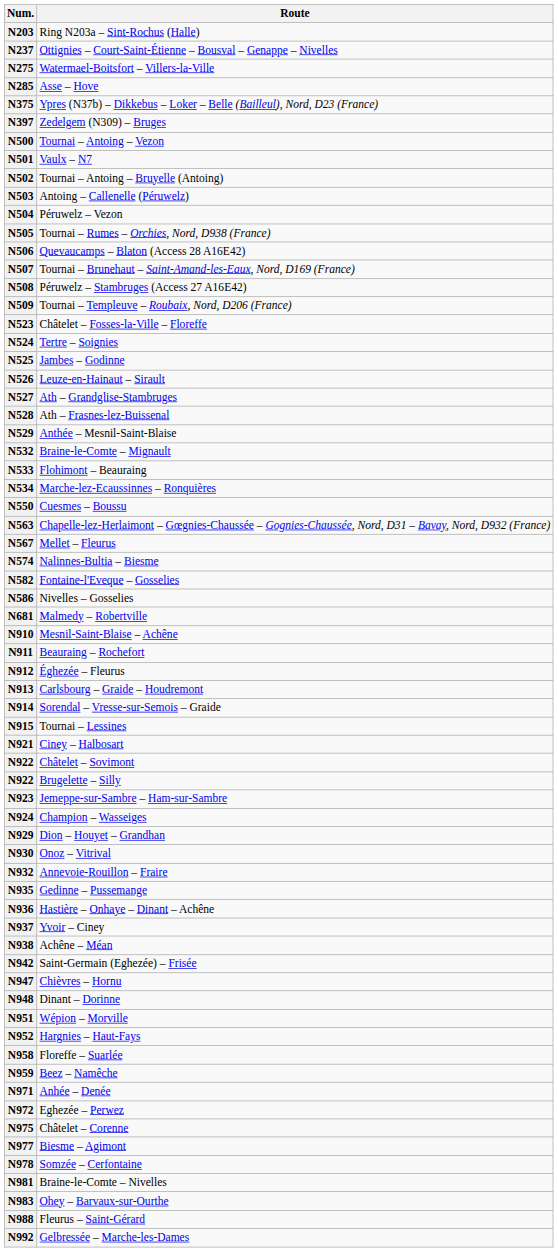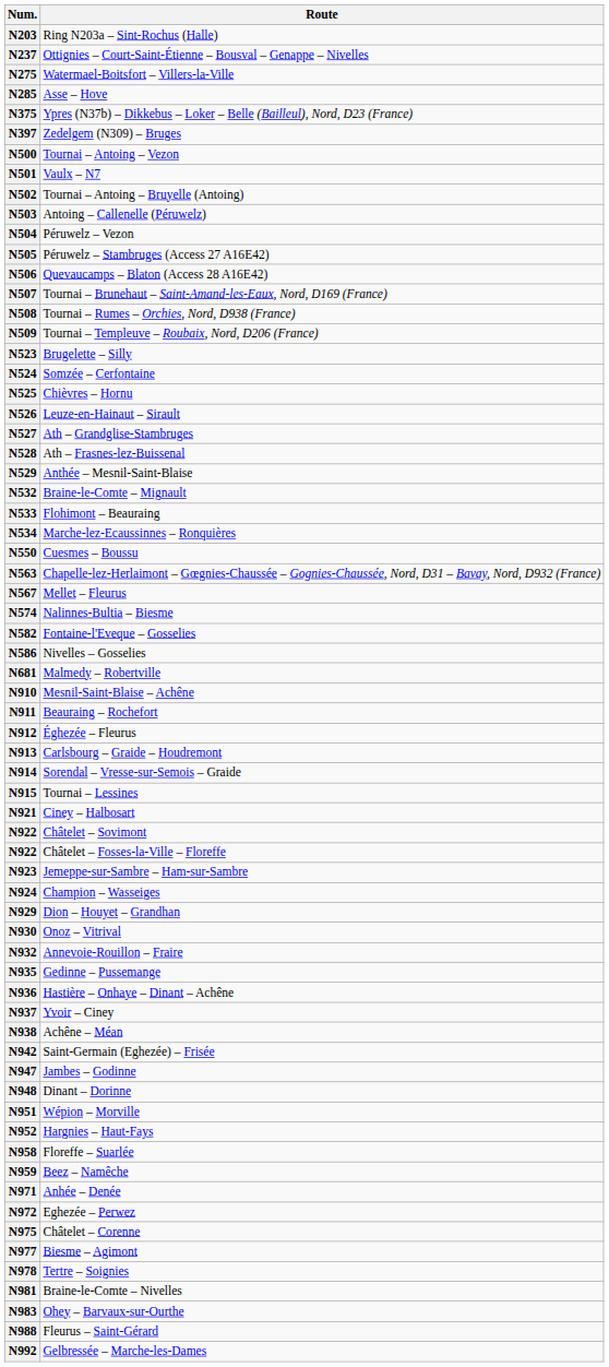 <table class="wikitable alternance">
 <tr>
 <th><abbr>Num.</abbr></th>
 <th>Route</th>
 </tr>
 <tr>
 <th>N203</th>
 <td>Ring N203a – <a href='#'>Sint-Rochus</a> (<a href='#'>Halle</a>)</td>
 </tr>
 <tr>
 <th>N237</th>
 <td><a href='#'>Ottignies</a> – <a href='#'>Court-Saint-Étienne</a> – <a href='#'>Bousval</a> – <a href='#'>Genappe</a> – <a href='#'>Nivelles</a></td>
 </tr>
 <tr>
 <th>N275</th>
 <td><a href='#'>Watermael-Boitsfort</a> – <a href='#'>Villers-la-Ville</a></td>
 </tr>
 <tr>
 <th>N285</th>
 <td><a href='#'>Asse</a> – <a href='#'>Hove</a></td>
 </tr>
 <tr>
 <th>N375</th>
 <td><a href='#'>Ypres</a> (N37b) – <a href='#'>Dikkebus</a> – <a href='#'>Loker</a> – <a href='#'>Belle</a> <em>(<a href='#'>Bailleul</a>), Nord, D23 (France)</em></td>
 </tr>
 <tr>
 <th>N397</th>
 <td><a href='#'>Zedelgem</a> (N309) – <a href='#'>Bruges</a></td>
 </tr>
 <tr>
 <th>N500</th>
 <td><a href='#'>Tournai</a> – <a href='#'>Antoing</a> – <a href='#'>Vezon</a></td>
 </tr>
 <tr>
 <th>N501</th>
 <td><a href='#'>Vaulx</a> – <a href='#'>N7</a></td>
 </tr>
 <tr>
 <th>N502</th>
 <td>Tournai – Antoing – <a href='#'>Bruyelle</a> (Antoing)</td>
 </tr>
 <tr>
 <th>N503</th>
 <td>Antoing – <a href='#'>Callenelle</a> (<a href='#'>Péruwelz</a>)</td>
 </tr>
 <tr>
 <th>N504</th>
 <td>Péruwelz – Vezon</td>
 </tr>
 <tr>
 <th>N505</th>
-<td>Tournai – <a href='#'>Rumes</a> – <em><a href='#'>Orchies</a>, Nord, D938 (France)</em></td>
+<td>Péruwelz – <a href='#'>Stambruges</a> (Access 27 A16E42)</td>
 </tr>
 <tr>
 <th>N506</th>
 <td><a href='#'>Quevaucamps</a> – <a href='#'>Blaton</a> (Access 28 A16E42)</td>
 </tr>
 <tr>
 <th>N507</th>
 <td>Tournai – <a href='#'>Brunehaut</a> – <em><a href='#'>Saint-Amand-les-Eaux</a>, Nord, D169 (France)</em></td>
 </tr>
 <tr>
 <th>N508</th>
-<td>Péruwelz – <a href='#'>Stambruges</a> (Access 27 A16E42)</td>
+<td>Tournai – <a href='#'>Rumes</a> – <em><a href='#'>Orchies</a>, Nord, D938 (France)</em></td>
 </tr>
 <tr>
 <th>N509</th>
 <td>Tournai – <a href='#'>Templeuve</a> – <em><a href='#'>Roubaix</a>, Nord, D206 (France)</em></td>
 </tr>
 <tr>
 <th>N523</th>
-<td>Châtelet – <a href='#'>Fosses-la-Ville</a> – <a href='#'>Floreffe</a></td>
+<td><a href='#'>Brugelette</a> – <a href='#'>Silly</a></td>
 </tr>
 <tr>
 <th>N524</th>
-<td><a href='#'>Tertre</a> – <a href='#'>Soignies</a></td>
+<td><a href='#'>Somzée</a> – <a href='#'>Cerfontaine</a></td>
 </tr>
 <tr>
 <th>N525</th>
-<td><a href='#'>Jambes</a> – <a href='#'>Godinne</a></td>
+<td><a href='#'>Chièvres</a> – <a href='#'>Hornu</a></td>
 </tr>
 <tr>
 <th>N526</th>
 <td><a href='#'>Leuze-en-Hainaut</a> – <a href='#'>Sirault</a></td>
 </tr>
 <tr>
 <th>N527</th>
 <td><a href='#'>Ath</a> – <a href='#'>Grandglise-Stambruges</a></td>
 </tr>
 <tr>
 <th>N528</th>
 <td>Ath – <a href='#'>Frasnes-lez-Buissenal</a></td>
 </tr>
 <tr>
 <th>N529</th>
 <td><a href='#'>Anthée</a> – Mesnil-Saint-Blaise</td>
 </tr>
 <tr>
 <th>N532</th>
 <td><a href='#'>Braine-le-Comte</a> – <a href='#'>Mignault</a></td>
 </tr>
 <tr>
 <th>N533</th>
 <td><a href='#'>Flohimont</a> – Beauraing</td>
 </tr>
 <tr>
 <th>N534</th>
 <td><a href='#'>Marche-lez-Ecaussinnes</a> – <a href='#'>Ronquières</a></td>
 </tr>
 <tr>
 <th>N550</th>
 <td><a href='#'>Cuesmes</a> – <a href='#'>Boussu</a></td>
 </tr>
 <tr>
 <th>N563</th>
 <td><a href='#'>Chapelle-lez-Herlaimont</a> – <a href='#'>Gœgnies-Chaussée</a> – <em><a href='#'>Gognies-Chaussée</a>, Nord, D31 – <a href='#'>Bavay</a>, Nord, D932 (France)</em></td>
 </tr>
 <tr>
 <th>N567</th>
 <td><a href='#'>Mellet</a> – <a href='#'>Fleurus</a></td>
 </tr>
 <tr>
 <th>N574</th>
 <td><a href='#'>Nalinnes-Bultia</a> – <a href='#'>Biesme</a></td>
 </tr>
 <tr>
 <th>N582</th>
 <td><a href='#'>Fontaine-l'Eveque</a> – <a href='#'>Gosselies</a></td>
 </tr>
 <tr>
 <th>N586</th>
 <td>Nivelles – Gosselies</td>
 </tr>
 <tr>
 <th>N681</th>
 <td><a href='#'>Malmedy</a> – <a href='#'>Robertville</a></td>
 </tr>
 <tr>
 <th>N910</th>
 <td><a href='#'>Mesnil-Saint-Blaise</a> – <a href='#'>Achêne</a></td>
 </tr>
 <tr>
 <th>N911</th>
 <td><a href='#'>Beauraing</a> – <a href='#'>Rochefort</a></td>
 </tr>
 <tr>
 <th>N912</th>
 <td><a href='#'>Éghezée</a> – Fleurus</td>
 </tr>
 <tr>
 <th>N913</th>
 <td><a href='#'>Carlsbourg</a> – <a href='#'>Graide</a> – <a href='#'>Houdremont</a></td>
 </tr>
 <tr>
 <th>N914</th>
 <td><a href='#'>Sorendal</a> – <a href='#'>Vresse-sur-Semois</a> – Graide</td>
 </tr>
 <tr>
 <th>N915</th>
 <td>Tournai – <a href='#'>Lessines</a></td>
 </tr>
 <tr>
 <th>N921</th>
 <td><a href='#'>Ciney</a> – <a href='#'>Halbosart</a></td>
 </tr>
 <tr>
 <th>N922</th>
 <td><a href='#'>Châtelet</a> – <a href='#'>Sovimont</a></td>
 </tr>
 <tr>
 <th>N922</th>
-<td><a href='#'>Brugelette</a> – <a href='#'>Silly</a></td>
+<td>Châtelet – <a href='#'>Fosses-la-Ville</a> – <a href='#'>Floreffe</a></td>
 </tr>
 <tr>
 <th>N923</th>
 <td><a href='#'>Jemeppe-sur-Sambre</a> – <a href='#'>Ham-sur-Sambre</a></td>
 </tr>
 <tr>
 <th>N924</th>
 <td><a href='#'>Champion</a> – <a href='#'>Wasseiges</a></td>
 </tr>
 <tr>
 <th>N929</th>
 <td><a href='#'>Dion</a> – <a href='#'>Houyet</a> – <a href='#'>Grandhan</a></td>
 </tr>
 <tr>
 <th>N930</th>
 <td><a href='#'>Onoz</a> – <a href='#'>Vitrival</a></td>
 </tr>
 <tr>
 <th>N932</th>
 <td><a href='#'>Annevoie-Rouillon</a> – <a href='#'>Fraire</a></td>
 </tr>
 <tr>
 <th>N935</th>
 <td><a href='#'>Gedinne</a> – <a href='#'>Pussemange</a></td>
 </tr>
 <tr>
 <th>N936</th>
 <td><a href='#'>Hastière</a> – <a href='#'>Onhaye</a> – <a href='#'>Dinant</a> – Achêne</td>
 </tr>
 <tr>
 <th>N937</th>
 <td><a href='#'>Yvoir</a> – Ciney</td>
 </tr>
 <tr>
 <th>N938</th>
 <td>Achêne – <a href='#'>Méan</a></td>
 </tr>
 <tr>
 <th>N942</th>
 <td>Saint-Germain (Eghezée) – <a href='#'>Frisée</a></td>
 </tr>
 <tr>
 <th>N947</th>
-<td><a href='#'>Chièvres</a> – <a href='#'>Hornu</a></td>
+<td><a href='#'>Jambes</a> – <a href='#'>Godinne</a></td>
 </tr>
 <tr>
 <th>N948</th>
 <td>Dinant – <a href='#'>Dorinne</a></td>
 </tr>
 <tr>
 <th>N951</th>
 <td><a href='#'>Wépion</a> – <a href='#'>Morville</a></td>
 </tr>
 <tr>
 <th>N952</th>
 <td><a href='#'>Hargnies</a> – <a href='#'>Haut-Fays</a></td>
 </tr>
 <tr>
 <th>N958</th>
 <td>Floreffe – <a href='#'>Suarlée</a></td>
 </tr>
 <tr>
 <th>N959</th>
 <td><a href='#'>Beez</a> – <a href='#'>Namêche</a></td>
 </tr>
 <tr>
 <th>N971</th>
 <td><a href='#'>Anhée</a> – <a href='#'>Denée</a></td>
 </tr>
 <tr>
 <th>N972</th>
 <td>Eghezée – <a href='#'>Perwez</a></td>
 </tr>
 <tr>
 <th>N975</th>
 <td>Châtelet – <a href='#'>Corenne</a></td>
 </tr>
 <tr>
 <th>N977</th>
 <td><a href='#'>Biesme</a> – <a href='#'>Agimont</a></td>
 </tr>
 <tr>
 <th>N978</th>
-<td><a href='#'>Somzée</a> – <a href='#'>Cerfontaine</a></td>
+<td><a href='#'>Tertre</a> – <a href='#'>Soignies</a></td>
 </tr>
 <tr>
 <th>N981</th>
 <td>Braine-le-Comte – Nivelles</td>
 </tr>
 <tr>
 <th>N983</th>
 <td><a href='#'>Ohey</a> – <a href='#'>Barvaux-sur-Ourthe</a></td>
 </tr>
 <tr>
 <th>N988</th>
 <td>Fleurus – <a href='#'>Saint-Gérard</a></td>
 </tr>
 <tr>
 <th>N992</th>
 <td><a href='#'>Gelbressée</a> – <a href='#'>Marche-les-Dames</a></td>
 </tr>
 </table>
